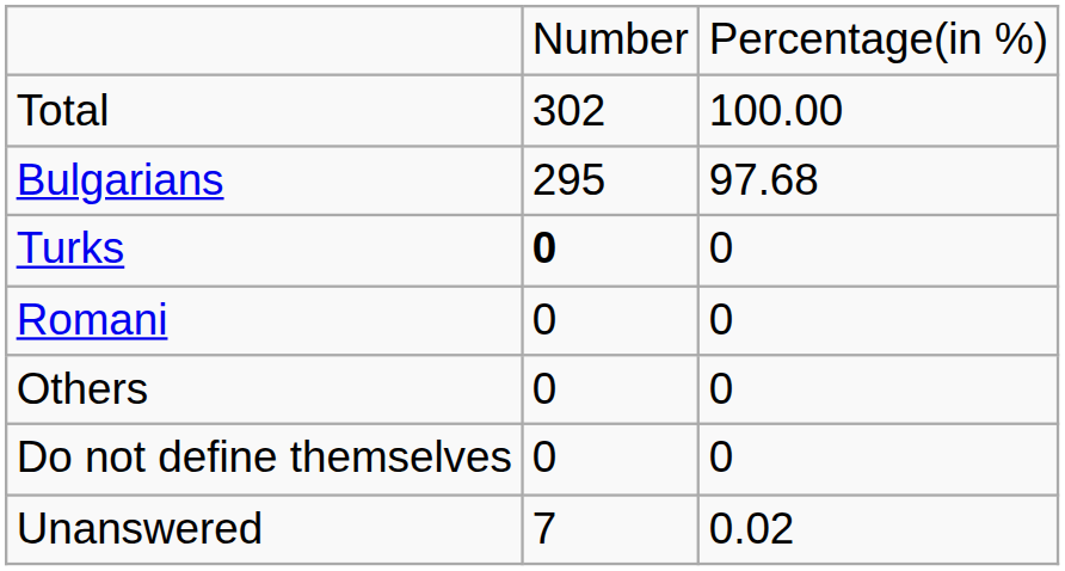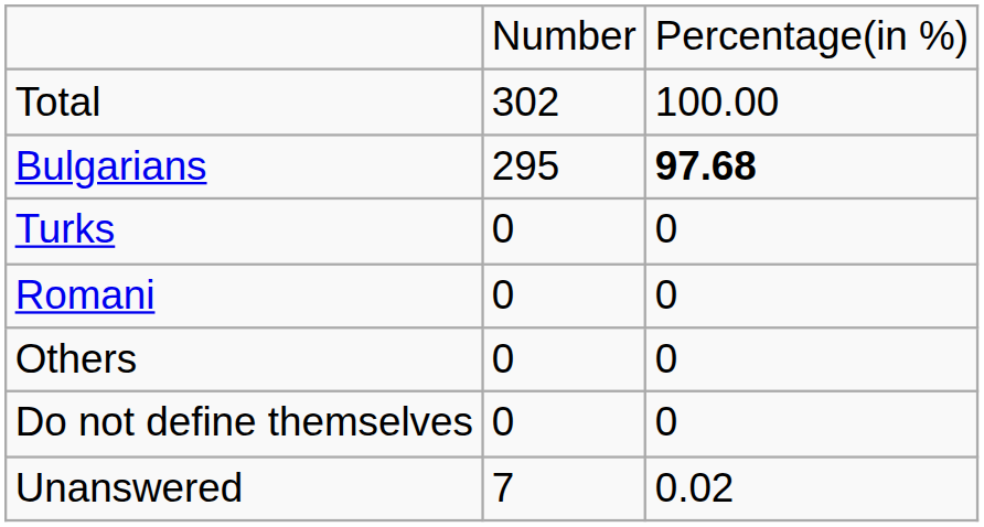 <table class="wikitable">
 <tr>
 <td></td>
 <td>Number</td>
 <td>Percentage(in %)</td>
 </tr>
 <tr>
 <td>Total</td>
 <td>302</td>
 <td>100.00</td>
 </tr>
 <tr>
 <td><a href='#'>Bulgarians</a></td>
 <td>295</td>
-<td>97.68</td>
+<td><strong>97.68</strong></td>
 </tr>
 <tr>
 <td><a href='#'>Turks</a></td>
-<td><strong>0</strong></td>
+<td>0</td>
 <td>0</td>
 </tr>
 <tr>
 <td><a href='#'>Romani</a></td>
 <td>0</td>
 <td>0</td>
 </tr>
 <tr>
 <td>Others</td>
 <td>0</td>
 <td>0</td>
 </tr>
 <tr>
 <td>Do not define themselves</td>
 <td>0</td>
 <td>0</td>
 </tr>
 <tr>
 <td>Unanswered</td>
 <td>7</td>
 <td>0.02</td>
 </tr>
 </table>
